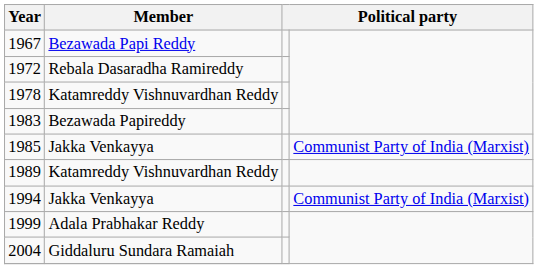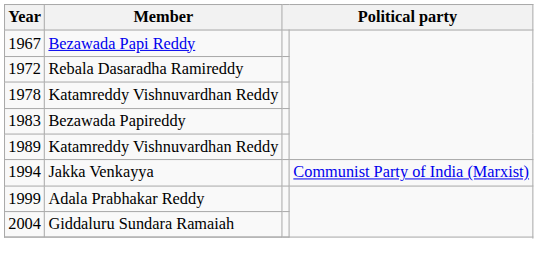 <table class="wikitable sortable">
 <tr>
 <th>Year</th>
 <th>Member</th>
 <th colspan="2">Political party</th>
 </tr>
 <tr>
 <td>1967</td>
 <td><a href='#'>Bezawada Papi Reddy</a></td>
 <td></td>
 </tr>
 <tr>
 <td>1972</td>
 <td>Rebala Dasaradha Ramireddy</td>
 <td></td>
 </tr>
 <tr>
 <td>1978</td>
 <td>Katamreddy Vishnuvardhan Reddy</td>
 <td></td>
 </tr>
 <tr>
 <td>1983</td>
 <td>Bezawada Papireddy</td>
 <td></td>
 </tr>
 <tr>
-<td>1985</td>
-<td>Jakka Venkayya</td>
-<td style="background-color: "></td>
-<td><a href='#'>Communist Party of India (Marxist)</a></td>
-</tr>
-<tr>
 <td>1989</td>
 <td>Katamreddy Vishnuvardhan Reddy</td>
 <td></td>
 </tr>
 <tr>
 <td>1994</td>
 <td>Jakka Venkayya</td>
 <td style="background-color: "></td>
 <td><a href='#'>Communist Party of India (Marxist)</a></td>
 </tr>
 <tr>
 <td>1999</td>
 <td>Adala Prabhakar Reddy</td>
 <td></td>
 </tr>
 <tr>
 <td>2004</td>
 <td>Giddaluru Sundara Ramaiah</td>
 <td></td>
 </tr>
 <tr>
 </tr>
 </table>
